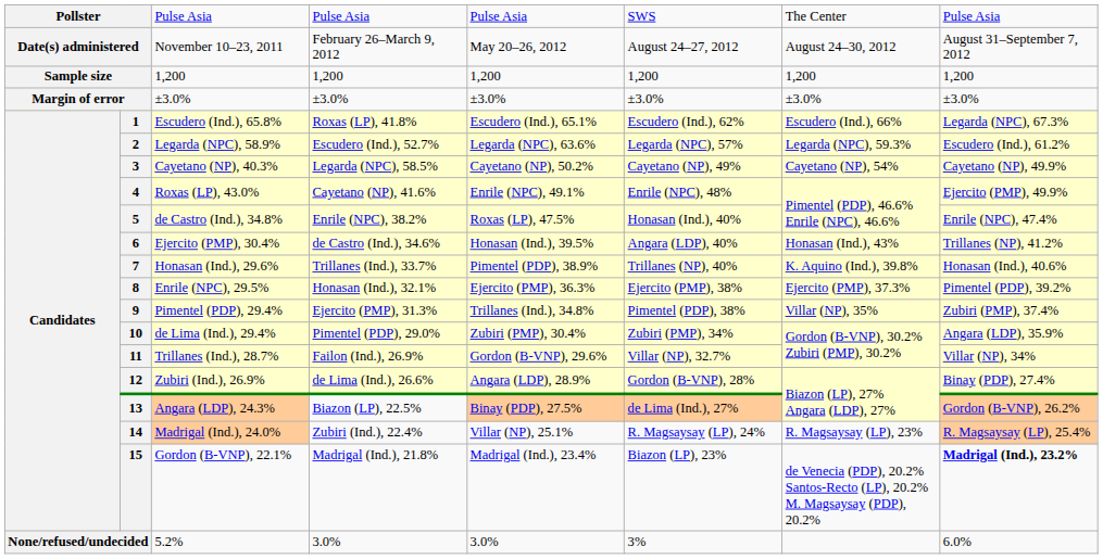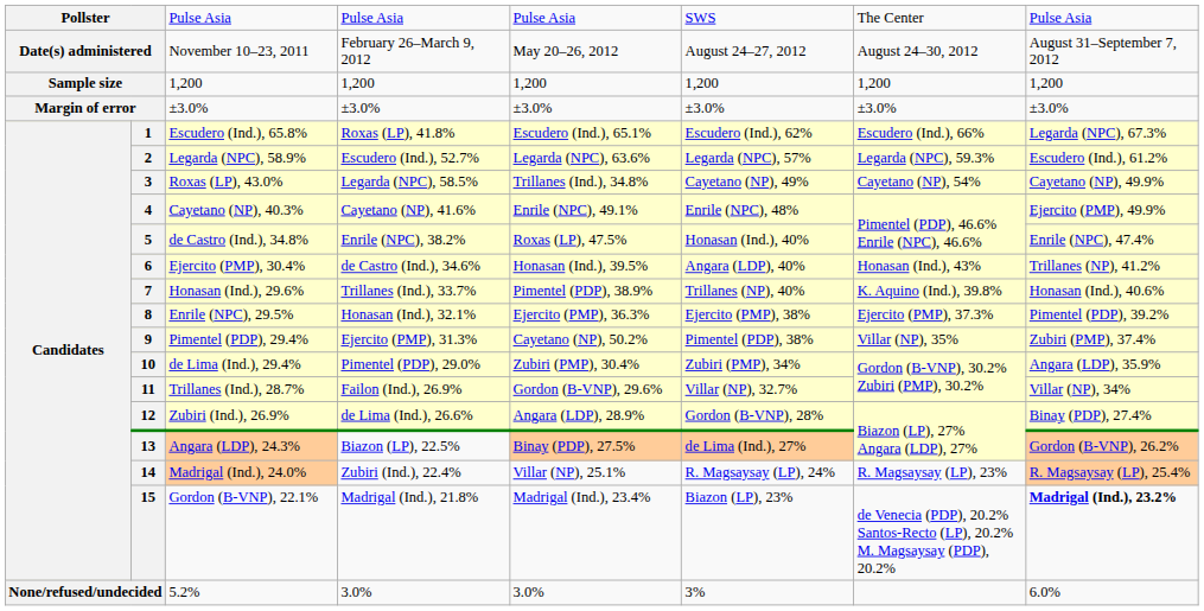 <table class=wikitable style="font-size:90%;">
 <tr>
 <th colspan=2>Pollster</th>
 <td width=160px><a href='#'>Pulse Asia</a></td>
 <td width=160px><a href='#'>Pulse Asia</a></td>
 <td width=160px><a href='#'>Pulse Asia</a></td>
 <td width=160px><a href='#'>SWS</a></td>
 <td width=160px>The Center</td>
 <td width=160px><a href='#'>Pulse Asia</a></td>
 </tr>
 <tr>
 <th colspan=2>Date(s) administered</th>
 <td>November 10–23, 2011</td>
 <td>February 26–March 9, 2012</td>
 <td>May 20–26, 2012</td>
 <td>August 24–27, 2012</td>
 <td>August 24–30, 2012</td>
 <td>August 31–September 7, 2012</td>
 </tr>
 <tr>
 <th colspan=2>Sample size</th>
 <td>1,200</td>
 <td>1,200</td>
 <td>1,200</td>
 <td>1,200</td>
 <td>1,200</td>
 <td>1,200</td>
 </tr>
 <tr>
 <th colspan=2>Margin of error</th>
 <td>±3.0%</td>
 <td>±3.0%</td>
 <td>±3.0%</td>
 <td>±3.0%</td>
 <td>±3.0%</td>
 <td>±3.0%</td>
 </tr>
 <tr bgcolor=#FFFFCC>
 <th width=90px rowspan=15>Candidates</th>
 <th width=20px>1</th>
 <td> <a href='#'>Escudero</a> (Ind.), 65.8%</td>
 <td> <a href='#'>Roxas</a> (<a href='#'>LP</a>), 41.8%</td>
 <td> <a href='#'>Escudero</a> (Ind.), 65.1%</td>
 <td> <a href='#'>Escudero</a> (Ind.), 62%</td>
 <td> <a href='#'>Escudero</a> (Ind.), 66%</td>
 <td> <a href='#'>Legarda</a> (<a href='#'>NPC</a>), 67.3%</td>
 </tr>
 <tr bgcolor=#FFFFCC>
 <th>2</th>
 <td> <a href='#'>Legarda</a> (<a href='#'>NPC</a>), 58.9%</td>
 <td> <a href='#'>Escudero</a> (Ind.), 52.7%</td>
 <td> <a href='#'>Legarda</a> (<a href='#'>NPC</a>), 63.6%</td>
 <td> <a href='#'>Legarda</a> (<a href='#'>NPC</a>), 57%</td>
 <td> <a href='#'>Legarda</a> (<a href='#'>NPC</a>), 59.3%</td>
 <td> <a href='#'>Escudero</a> (Ind.), 61.2%</td>
 </tr>
 <tr bgcolor=#FFFFCC>
 <th>3</th>
-<td> <a href='#'>Cayetano</a> (<a href='#'>NP</a>), 40.3%</td>
+<td> <a href='#'>Roxas</a> (<a href='#'>LP</a>), 43.0%</td>
 <td> <a href='#'>Legarda</a> (<a href='#'>NPC</a>), 58.5%</td>
-<td> <a href='#'>Cayetano</a> (<a href='#'>NP</a>), 50.2%</td>
+<td> <a href='#'>Trillanes</a> (Ind.), 34.8%</td>
 <td> <a href='#'>Cayetano</a> (<a href='#'>NP</a>), 49%</td>
 <td> <a href='#'>Cayetano</a> (<a href='#'>NP</a>), 54%</td>
 <td> <a href='#'>Cayetano</a> (<a href='#'>NP</a>), 49.9%</td>
 </tr>
 <tr bgcolor=#FFFFCC>
 <th>4</th>
-<td> <a href='#'>Roxas</a> (<a href='#'>LP</a>), 43.0%</td>
+<td> <a href='#'>Cayetano</a> (<a href='#'>NP</a>), 40.3%</td>
 <td> <a href='#'>Cayetano</a> (<a href='#'>NP</a>), 41.6%</td>
 <td> <a href='#'>Enrile</a> (<a href='#'>NPC</a>), 49.1%</td>
 <td> <a href='#'>Enrile</a> (<a href='#'>NPC</a>), 48%</td>
 <td rowspan=2><br> <a href='#'>Pimentel</a> (<a href='#'>PDP</a>), 46.6%<br>  <a href='#'>Enrile</a> (<a href='#'>NPC</a>), 46.6%</td>
 <td> <a href='#'>Ejercito</a> (<a href='#'>PMP</a>), 49.9%</td>
 </tr>
 <tr bgcolor=#FFFFCC>
 <th>5</th>
 <td> <a href='#'>de Castro</a> (Ind.), 34.8%</td>
 <td> <a href='#'>Enrile</a> (<a href='#'>NPC</a>), 38.2%</td>
 <td> <a href='#'>Roxas</a> (<a href='#'>LP</a>), 47.5%</td>
 <td> <a href='#'>Honasan</a> (Ind.), 40%</td>
 <td> <a href='#'>Enrile</a> (<a href='#'>NPC</a>), 47.4%</td>
 </tr>
 <tr bgcolor=#FFFFCC>
 <th>6</th>
 <td> <a href='#'>Ejercito</a> (<a href='#'>PMP</a>), 30.4%</td>
 <td> <a href='#'>de Castro</a> (Ind.), 34.6%</td>
 <td> <a href='#'>Honasan</a> (Ind.), 39.5%</td>
 <td> <a href='#'>Angara</a> (<a href='#'>LDP</a>), 40%</td>
 <td> <a href='#'>Honasan</a> (Ind.), 43%</td>
 <td> <a href='#'>Trillanes</a> (<a href='#'>NP</a>), 41.2%</td>
 </tr>
 <tr bgcolor=#FFFFCC>
 <th>7</th>
 <td> <a href='#'>Honasan</a> (Ind.), 29.6%</td>
 <td> <a href='#'>Trillanes</a> (Ind.), 33.7%</td>
 <td> <a href='#'>Pimentel</a> (<a href='#'>PDP</a>), 38.9%</td>
 <td> <a href='#'>Trillanes</a> (<a href='#'>NP</a>), 40%</td>
 <td> <a href='#'>K. Aquino</a> (Ind.), 39.8%</td>
 <td> <a href='#'>Honasan</a> (Ind.), 40.6%</td>
 </tr>
 <tr bgcolor=#FFFFCC>
 <th>8</th>
 <td> <a href='#'>Enrile</a> (<a href='#'>NPC</a>), 29.5%</td>
 <td> <a href='#'>Honasan</a> (Ind.), 32.1%</td>
 <td> <a href='#'>Ejercito</a> (<a href='#'>PMP</a>), 36.3%</td>
 <td> <a href='#'>Ejercito</a> (<a href='#'>PMP</a>), 38%</td>
 <td> <a href='#'>Ejercito</a> (<a href='#'>PMP</a>), 37.3%</td>
 <td> <a href='#'>Pimentel</a> (<a href='#'>PDP</a>), 39.2%</td>
 </tr>
 <tr bgcolor=#FFFFCC>
 <th>9</th>
 <td> <a href='#'>Pimentel</a> (<a href='#'>PDP</a>), 29.4%</td>
 <td> <a href='#'>Ejercito</a> (<a href='#'>PMP</a>), 31.3%</td>
-<td> <a href='#'>Trillanes</a> (Ind.), 34.8%</td>
+<td> <a href='#'>Cayetano</a> (<a href='#'>NP</a>), 50.2%</td>
 <td> <a href='#'>Pimentel</a> (<a href='#'>PDP</a>), 38%</td>
 <td> <a href='#'>Villar</a> (<a href='#'>NP</a>), 35%</td>
 <td> <a href='#'>Zubiri</a> (<a href='#'>PMP</a>), 37.4%</td>
 </tr>
 <tr bgcolor=#FFFFCC>
 <th>10</th>
 <td> <a href='#'>de Lima</a> (Ind.), 29.4%</td>
 <td> <a href='#'>Pimentel</a> (<a href='#'>PDP</a>), 29.0%</td>
 <td> <a href='#'>Zubiri</a> (<a href='#'>PMP</a>), 30.4%</td>
 <td> <a href='#'>Zubiri</a> (<a href='#'>PMP</a>), 34%</td>
 <td rowspan=2> <a href='#'>Gordon</a> (<a href='#'>B-VNP</a>), 30.2%<br> <a href='#'>Zubiri</a> (<a href='#'>PMP</a>), 30.2%</td>
 <td> <a href='#'>Angara</a> (<a href='#'>LDP</a>), 35.9%</td>
 </tr>
 <tr bgcolor=#FFFFCC>
 <th>11</th>
 <td> <a href='#'>Trillanes</a> (Ind.), 28.7%</td>
 <td> <a href='#'>Failon</a> (Ind.), 26.9%</td>
 <td> <a href='#'>Gordon</a> (<a href='#'>B-VNP</a>), 29.6%<br></td>
 <td> <a href='#'>Villar</a> (<a href='#'>NP</a>), 32.7%</td>
 <td> <a href='#'>Villar</a> (<a href='#'>NP</a>), 34%</td>
 </tr>
 <tr bgcolor=#FFFFCC>
 <th>12</th>
 <td> <a href='#'>Zubiri</a> (Ind.), 26.9%</td>
 <td> <a href='#'>de Lima</a> (Ind.), 26.6%</td>
 <td> <a href='#'>Angara</a> (<a href='#'>LDP</a>), 28.9%</td>
 <td> <a href='#'>Gordon</a> (<a href='#'>B-VNP</a>), 28%<br></td>
 <td rowspan=2><br> <a href='#'>Biazon</a> (<a href='#'>LP</a>), 27%<br>  <a href='#'>Angara</a> (<a href='#'>LDP</a>), 27%</td>
 <td> <a href='#'>Binay</a> (<a href='#'>PDP</a>), 27.4%</td>
 </tr>
 <tr style="border-top:3px solid green;">
 <th>13</th>
 <td bgcolor=#ffcc99> <a href='#'>Angara</a> (<a href='#'>LDP</a>), 24.3%</td>
 <td> <a href='#'>Biazon</a> (<a href='#'>LP</a>), 22.5%</td>
 <td bgcolor=#ffcc99> <a href='#'>Binay</a> (<a href='#'>PDP</a>), 27.5%</td>
 <td bgcolor=#ffcc99> <a href='#'>de Lima</a> (Ind.), 27%</td>
 <td bgcolor=#ffcc99> <a href='#'>Gordon</a> (<a href='#'>B-VNP</a>), 26.2%</td>
 </tr>
 <tr>
 <th bgcolor=#ffcc99>14</th>
 <td bgcolor=#ffcc99> <a href='#'>Madrigal</a> (Ind.), 24.0%</td>
 <td> <a href='#'>Zubiri</a> (Ind.), 22.4%</td>
 <td> <a href='#'>Villar</a> (<a href='#'>NP</a>), 25.1%</td>
 <td> <a href='#'>R. Magsaysay</a> (<a href='#'>LP</a>), 24%</td>
 <td> <a href='#'>R. Magsaysay</a> (<a href='#'>LP</a>), 23%</td>
 <td bgcolor=#ffcc99> <a href='#'>R. Magsaysay</a> (<a href='#'>LP</a>), 25.4%</td>
 </tr>
 <tr valign=top>
 <th>15</th>
 <td> <a href='#'>Gordon</a> (<a href='#'>B-VNP</a>), 22.1%<br></td>
 <td> <a href='#'>Madrigal</a> (Ind.), 21.8%</td>
 <td> <a href='#'>Madrigal</a> (Ind.), 23.4%</td>
 <td> <a href='#'>Biazon</a> (<a href='#'>LP</a>), 23%</td>
 <td><br> <a href='#'>de Venecia</a> (<a href='#'>PDP</a>), 20.2%<br>  <a href='#'>Santos-Recto</a> (<a href='#'>LP</a>), 20.2%<br>  <a href='#'>M. Magsaysay</a> (<a href='#'>PDP</a>), 20.2%<br></td>
 <td><strong> <a href='#'>Madrigal</a> (Ind.), 23.2%</strong></td>
 </tr>
 <tr>
 <th colspan=2>None/refused/undecided</th>
 <td>5.2%</td>
 <td>3.0%</td>
 <td>3.0%</td>
 <td>3%</td>
 <td></td>
 <td>6.0%</td>
 </tr>
 </table>
